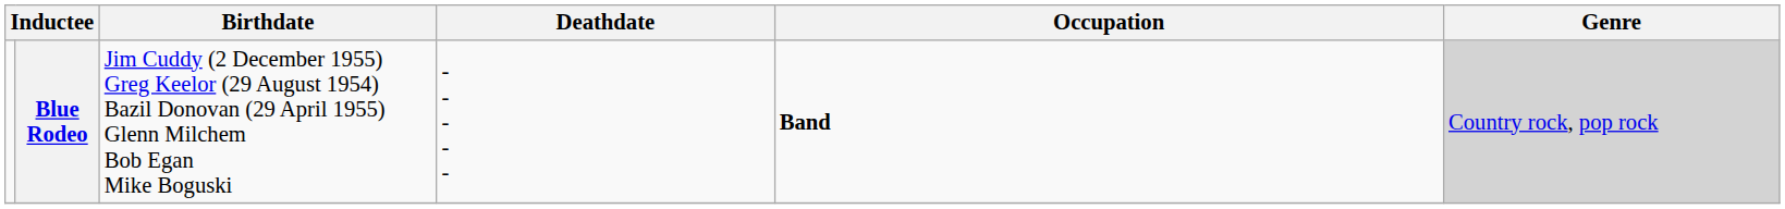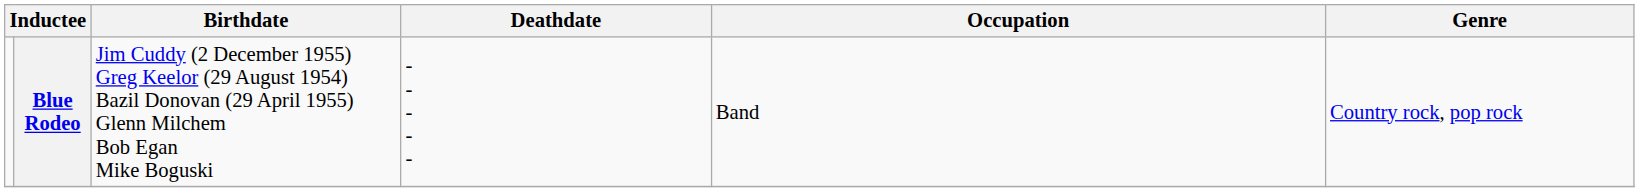 <table class="wikitable" width="100%">
 <tr>
 <th colspan=2>Inductee</th>
 <th width="20%">Birthdate</th>
 <th width="20%">Deathdate</th>
 <th width="40%">Occupation</th>
 <th width="40%">Genre</th>
 </tr>
 <tr>
 <td></td>
 <th><a href='#'>Blue Rodeo</a></th>
 <td><a href='#'>Jim Cuddy</a> (2 December 1955) <br> <a href='#'>Greg Keelor</a> (29 August 1954) <br> Bazil Donovan (29 April 1955) <br> Glenn Milchem <br> Bob Egan <br> Mike Boguski</td>
 <td>- <br> - <br> - <br> - <br> -</td>
-<td><strong>Band</strong></td>
-<td style="background: lightgrey;"><a href='#'>Country rock</a>, <a href='#'>pop rock</a></td>
+<td>Band</td>
+<td><a href='#'>Country rock</a>, <a href='#'>pop rock</a></td>
 </tr>
 <tr>
 </tr>
 </table>
